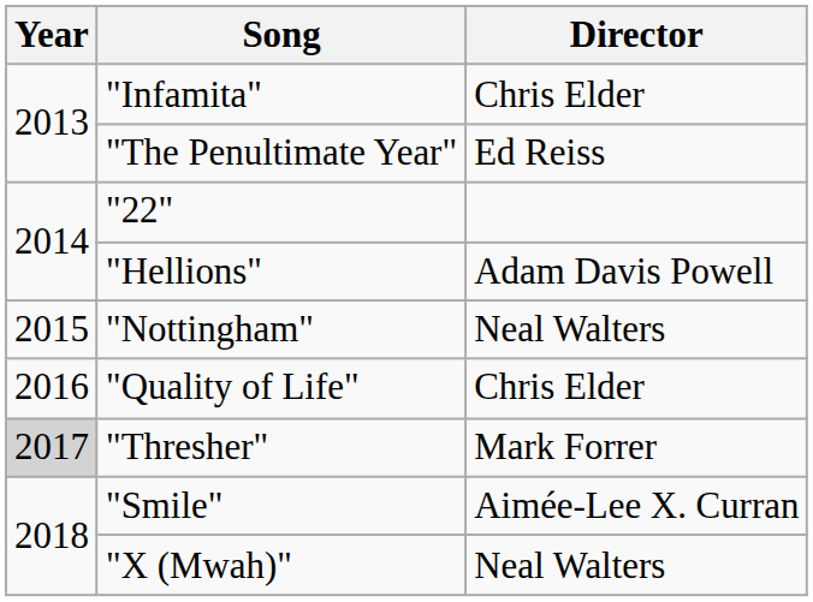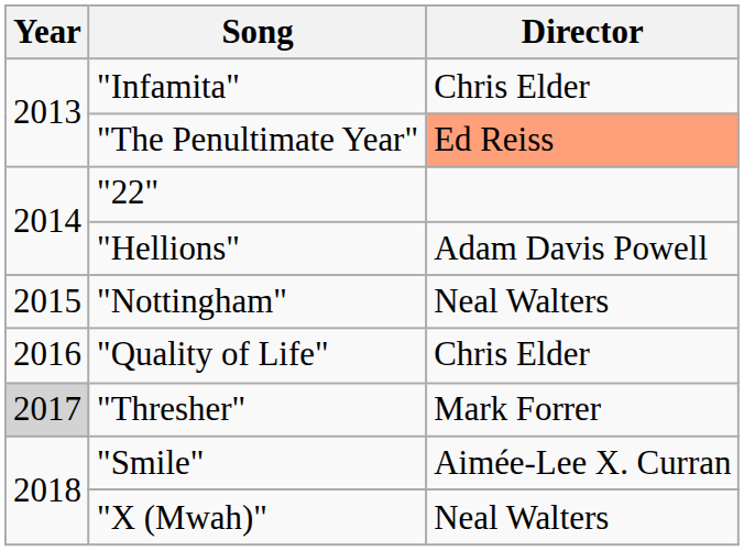 <table class="wikitable">
 <tr>
 <th><strong>Year</strong></th>
 <th>Song</th>
 <th>Director</th>
 </tr>
 <tr>
 <td rowspan="2">2013</td>
 <td>"Infamita"</td>
 <td>Chris Elder</td>
 </tr>
 <tr>
 <td>"The Penultimate Year"</td>
-<td>Ed Reiss</td>
+<td style="background: lightsalmon;">Ed Reiss</td>
 </tr>
 <tr>
 <td rowspan="2">2014</td>
 <td>"22"</td>
 <td></td>
 </tr>
 <tr>
 <td>"Hellions"</td>
 <td>Adam Davis Powell</td>
 </tr>
 <tr>
 <td>2015</td>
 <td>"Nottingham"</td>
 <td>Neal Walters</td>
 </tr>
 <tr>
 <td>2016</td>
 <td>"Quality of Life"</td>
 <td>Chris Elder</td>
 </tr>
 <tr>
 <td style="background: lightgrey;">2017</td>
 <td>"Thresher"</td>
 <td>Mark Forrer</td>
 </tr>
 <tr>
 <td rowspan="2">2018</td>
 <td>"Smile"</td>
 <td>Aimée-Lee X. Curran</td>
 </tr>
 <tr>
 <td>"X (Mwah)"</td>
 <td>Neal Walters</td>
 </tr>
 </table>
